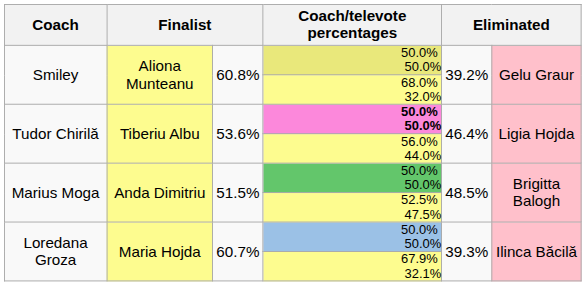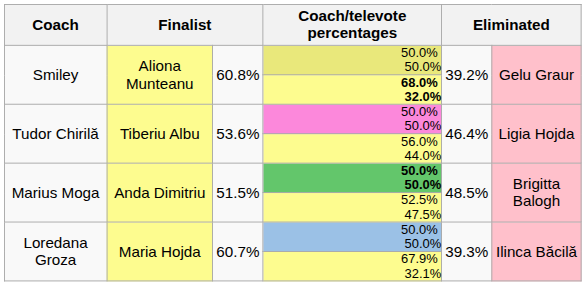 <table class="wikitable" style="text-align:center">
 <tr>
 <th>Coach</th>
 <th colspan="2">Finalist</th>
 <th>Coach/televote percentages</th>
 <th colspan="2">Eliminated</th>
 </tr>
 <tr>
 <td rowspan="2">Smiley</td>
 <td bgcolor="#fdfc8f" rowspan="2">Aliona Munteanu</td>
 <td rowspan="2">60.8%</td>
 <td style="padding:0;font-size:85%;text-align:right;background:#e9e87b">50.0% <div> 50.0%</div></td>
 <td rowspan="2">39.2%</td>
 <td bgcolor="pink" rowspan="2">Gelu Graur</td>
 </tr>
 <tr>
-<td style="padding:0;font-size:85%;text-align:right;background:#fdfc8f">68.0% <div> 32.0%</div></td>
+<td style="padding:0;font-size:85%;text-align:right;background:#fdfc8f"><strong>68.0% <div> 32.0%</div></strong></td>
 </tr>
 <tr>
 <td rowspan="2">Tudor Chirilă</td>
 <td bgcolor="#fdfc8f" rowspan="2">Tiberiu Albu</td>
 <td rowspan="2">53.6%</td>
-<td style="padding:0;font-size:85%;text-align:right;background:#fc88db"><strong>50.0% <div> 50.0%</div></strong></td>
+<td style="padding:0;font-size:85%;text-align:right;background:#fc88db">50.0% <div> 50.0%</div></td>
 <td rowspan="2">46.4%</td>
 <td bgcolor="pink" rowspan="2">Ligia Hojda</td>
 </tr>
 <tr>
 <td style="padding:0;font-size:85%;text-align:right;background:#fdfc8f">56.0% <div> 44.0%</div></td>
 </tr>
 <tr>
 <td rowspan="2">Marius Moga</td>
 <td bgcolor="#fdfc8f" rowspan="2">Anda Dimitriu</td>
 <td rowspan="2">51.5%</td>
-<td style="padding:0;font-size:85%;text-align:right;background:#63c66b">50.0% <div> 50.0%</div></td>
+<td style="padding:0;font-size:85%;text-align:right;background:#63c66b"><strong>50.0% <div> 50.0%</div></strong></td>
 <td rowspan="2">48.5%</td>
 <td bgcolor="pink" rowspan="2">Brigitta Balogh</td>
 </tr>
 <tr>
 <td style="padding:0;font-size:85%;text-align:right;background:#fdfc8f">52.5% <div> 47.5%</div></td>
 </tr>
 <tr>
 <td rowspan="2">Loredana Groza</td>
 <td bgcolor="#fdfc8f" rowspan="2">Maria Hojda</td>
 <td rowspan="2">60.7%</td>
 <td style="padding:0;font-size:85%;text-align:right;background:#9bc1e6">50.0% <div> 50.0%</div></td>
 <td rowspan="2">39.3%</td>
 <td bgcolor="pink" rowspan="2">Ilinca Băcilă</td>
 </tr>
 <tr>
 <td style="padding:0;font-size:85%;text-align:right;background:#fdfc8f">67.9% <div> 32.1%</div></td>
 </tr>
 </table>
